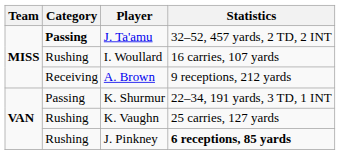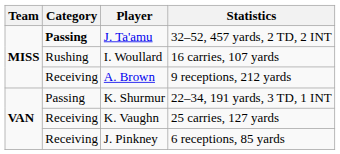 <table class="wikitable" style="float: right;">
 <tr>
 <th>Team</th>
 <th>Category</th>
 <th>Player</th>
 <th>Statistics</th>
 </tr>
 <tr>
 <td rowspan=3><strong>MISS</strong></td>
 <td><strong>Passing</strong></td>
 <td><a href='#'>J. Ta'amu</a></td>
 <td>32–52, 457 yards, 2 TD, 2 INT</td>
 </tr>
 <tr>
 <td>Rushing</td>
 <td>I. Woullard</td>
 <td>16 carries, 107 yards</td>
 </tr>
 <tr>
 <td>Receiving</td>
 <td><a href='#'>A. Brown</a></td>
 <td>9 receptions, 212 yards</td>
 </tr>
 <tr>
 <td rowspan=3><strong>VAN</strong></td>
 <td>Passing</td>
 <td>K. Shurmur</td>
 <td>22–34, 191 yards, 3 TD, 1 INT</td>
 </tr>
 <tr>
-<td>Rushing</td>
+<td>Receiving</td>
 <td>K. Vaughn</td>
 <td>25 carries, 127 yards</td>
 </tr>
 <tr>
-<td>Rushing</td>
+<td>Receiving</td>
 <td>J. Pinkney</td>
-<td><strong>6 receptions, 85 yards</strong></td>
+<td>6 receptions, 85 yards</td>
 </tr>
 </table>
